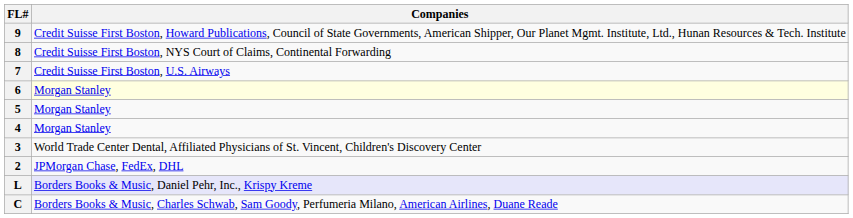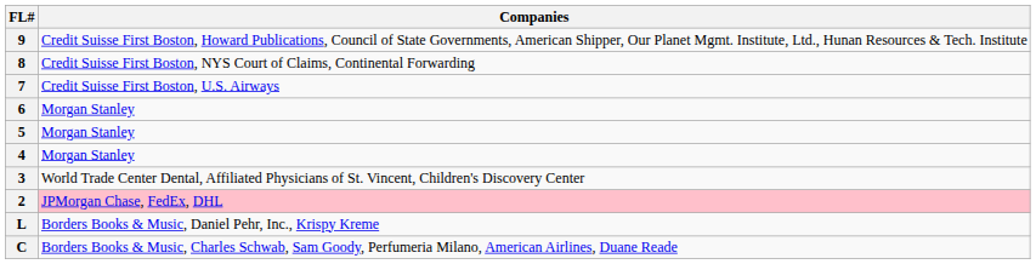 <table class="wikitable">
 <tr>
 <th>FL#</th>
 <th>Companies</th>
 </tr>
 <tr>
 <th><strong>9</strong></th>
 <td><a href='#'>Credit Suisse First Boston</a>, <a href='#'>Howard Publications</a>, Council of State Governments, American Shipper, Our Planet Mgmt. Institute, Ltd., Hunan Resources & Tech. Institute</td>
 </tr>
 <tr>
 <th>8</th>
 <td><a href='#'>Credit Suisse First Boston</a>, NYS Court of Claims, Continental Forwarding</td>
 </tr>
 <tr>
 <th>7</th>
 <td><a href='#'>Credit Suisse First Boston</a>, <a href='#'>U.S. Airways</a></td>
 </tr>
 <tr>
 <th>6</th>
-<td style="background: lightyellow;"><a href='#'>Morgan Stanley</a></td>
+<td><a href='#'>Morgan Stanley</a></td>
 </tr>
 <tr>
 <th>5</th>
 <td><a href='#'>Morgan Stanley</a></td>
 </tr>
 <tr>
 <th>4</th>
 <td><a href='#'>Morgan Stanley</a></td>
 </tr>
 <tr>
 <th>3</th>
 <td>World Trade Center Dental, Affiliated Physicians of St. Vincent, Children's Discovery Center</td>
 </tr>
 <tr>
 <th>2</th>
-<td><a href='#'>JPMorgan Chase</a>, <a href='#'>FedEx</a>, <a href='#'>DHL</a></td>
+<td style="background: pink;"><a href='#'>JPMorgan Chase</a>, <a href='#'>FedEx</a>, <a href='#'>DHL</a></td>
 </tr>
 <tr>
 <th>L</th>
-<td style="background: lavender;"><a href='#'>Borders Books & Music</a>, Daniel Pehr, Inc., <a href='#'>Krispy Kreme</a></td>
+<td><a href='#'>Borders Books & Music</a>, Daniel Pehr, Inc., <a href='#'>Krispy Kreme</a></td>
 </tr>
 <tr>
 <th>C</th>
 <td><a href='#'>Borders Books & Music</a>, <a href='#'>Charles Schwab</a>, <a href='#'>Sam Goody</a>, Perfumeria Milano, <a href='#'>American Airlines</a>, <a href='#'>Duane Reade</a></td>
 </tr>
 </table>
